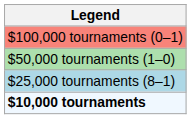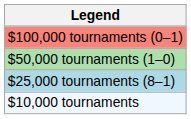 <table class="wikitable" style="font-size:85%;">
 <tr>
 <th>Legend</th>
 </tr>
 <tr style="background:#f88379;">
 <td>$100,000 tournaments (0–1)</td>
 </tr>
 <tr style="background:#addfad;">
 <td>$50,000 tournaments (1–0)</td>
 </tr>
 <tr style="background:lightblue;">
 <td>$25,000 tournaments (8–1)</td>
 </tr>
 <tr style="background:#f0f8ff;">
-<td><strong>$10,000 tournaments</strong></td>
+<td>$10,000 tournaments</td>
 </tr>
 </table>
